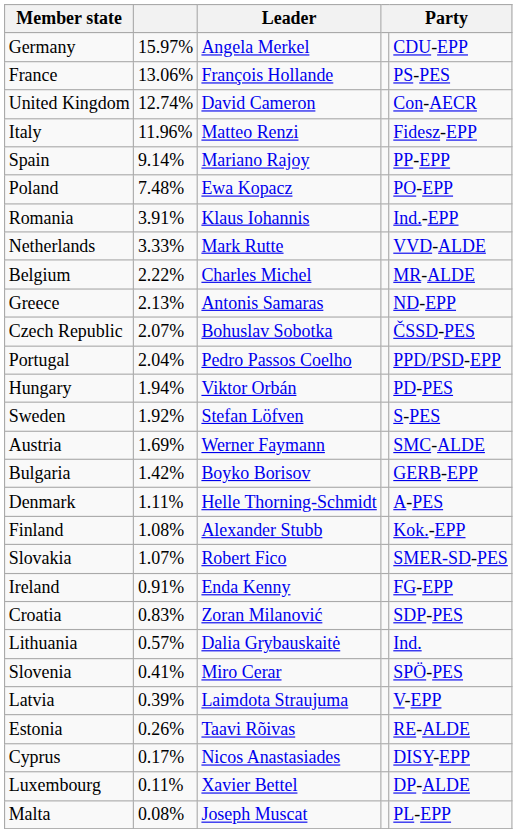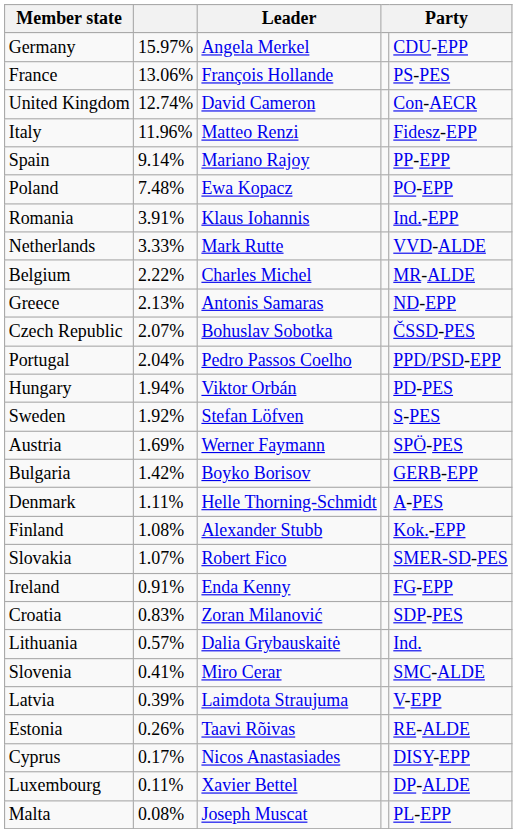 <table class="wikitable">
 <tr>
 <th>Member state</th>
 <th></th>
 <th>Leader</th>
 <th colspan=2>Party</th>
 </tr>
 <tr>
 <td>Germany</td>
 <td>15.97%</td>
 <td><a href='#'>Angela Merkel</a></td>
 <td style="background-color:"></td>
 <td><a href='#'>CDU</a>-<a href='#'>EPP</a></td>
 </tr>
 <tr>
 <td>France</td>
 <td>13.06%</td>
 <td><a href='#'>François Hollande</a></td>
 <td style="background-color:"></td>
 <td><a href='#'>PS</a>-<a href='#'>PES</a></td>
 </tr>
 <tr>
 <td>United Kingdom</td>
 <td>12.74%</td>
 <td><a href='#'>David Cameron</a></td>
 <td style="background-color:"></td>
 <td><a href='#'>Con</a>-<a href='#'>AECR</a></td>
 </tr>
 <tr>
 <td>Italy</td>
 <td>11.96%</td>
 <td><a href='#'>Matteo Renzi</a></td>
 <td style="background-color:"></td>
 <td><a href='#'>Fidesz</a>-<a href='#'>EPP</a></td>
 </tr>
 <tr>
 <td>Spain</td>
 <td>9.14%</td>
 <td><a href='#'>Mariano Rajoy</a></td>
 <td style="background-color:"></td>
 <td><a href='#'>PP</a>-<a href='#'>EPP</a></td>
 </tr>
 <tr>
 <td>Poland</td>
 <td>7.48%</td>
 <td><a href='#'>Ewa Kopacz</a></td>
 <td style="background-color:"></td>
 <td><a href='#'>PO</a>-<a href='#'>EPP</a></td>
 </tr>
 <tr>
 <td>Romania</td>
 <td>3.91%</td>
 <td><a href='#'>Klaus Iohannis</a></td>
 <td style="background-color:"></td>
 <td><a href='#'>Ind.</a>-<a href='#'>EPP</a></td>
 </tr>
 <tr>
 <td>Netherlands</td>
 <td>3.33%</td>
 <td><a href='#'>Mark Rutte</a></td>
 <td style="background-color:"></td>
 <td><a href='#'>VVD</a>-<a href='#'>ALDE</a></td>
 </tr>
 <tr>
 <td>Belgium</td>
 <td>2.22%</td>
 <td><a href='#'>Charles Michel</a></td>
 <td style="background-color:"></td>
 <td><a href='#'>MR</a>-<a href='#'>ALDE</a></td>
 </tr>
 <tr>
 <td>Greece</td>
 <td>2.13%</td>
 <td><a href='#'>Antonis Samaras</a></td>
 <td style="background-color:"></td>
 <td><a href='#'>ND</a>-<a href='#'>EPP</a></td>
 </tr>
 <tr>
 <td>Czech Republic</td>
 <td>2.07%</td>
 <td><a href='#'>Bohuslav Sobotka</a></td>
 <td style="background-color:"></td>
 <td><a href='#'>ČSSD</a>-<a href='#'>PES</a></td>
 </tr>
 <tr>
 <td>Portugal</td>
 <td>2.04%</td>
 <td><a href='#'>Pedro Passos Coelho</a></td>
 <td style="background-color:"></td>
 <td><a href='#'>PPD/PSD</a>-<a href='#'>EPP</a></td>
 </tr>
 <tr>
 <td>Hungary</td>
 <td>1.94%</td>
 <td><a href='#'>Viktor Orbán</a></td>
 <td style="background-color:"></td>
 <td><a href='#'>PD</a>-<a href='#'>PES</a></td>
 </tr>
 <tr>
 <td>Sweden</td>
 <td>1.92%</td>
 <td><a href='#'>Stefan Löfven</a></td>
 <td style="background-color:"></td>
 <td><a href='#'>S</a>-<a href='#'>PES</a></td>
 </tr>
 <tr>
 <td>Austria</td>
 <td>1.69%</td>
 <td><a href='#'>Werner Faymann</a></td>
 <td style="background-color:"></td>
-<td><a href='#'>SMC</a>-<a href='#'>ALDE</a></td>
+<td><a href='#'>SPÖ</a>-<a href='#'>PES</a></td>
 </tr>
 <tr>
 <td>Bulgaria</td>
 <td>1.42%</td>
 <td><a href='#'>Boyko Borisov</a></td>
 <td style="background-color:"></td>
 <td><a href='#'>GERB</a>-<a href='#'>EPP</a></td>
 </tr>
 <tr>
 <td>Denmark</td>
 <td>1.11%</td>
 <td><a href='#'>Helle Thorning-Schmidt</a></td>
 <td style="background-color:"></td>
 <td><a href='#'>A</a>-<a href='#'>PES</a></td>
 </tr>
 <tr>
 <td>Finland</td>
 <td>1.08%</td>
 <td><a href='#'>Alexander Stubb</a></td>
 <td style="background-color:"></td>
 <td><a href='#'>Kok.</a>-<a href='#'>EPP</a></td>
 </tr>
 <tr>
 <td>Slovakia</td>
 <td>1.07%</td>
 <td><a href='#'>Robert Fico</a></td>
 <td style="background-color:"></td>
 <td><a href='#'>SMER-SD</a>-<a href='#'>PES</a></td>
 </tr>
 <tr>
 <td>Ireland</td>
 <td>0.91%</td>
 <td><a href='#'>Enda Kenny</a></td>
 <td style="background-color:"></td>
 <td><a href='#'>FG</a>-<a href='#'>EPP</a></td>
 </tr>
 <tr>
 <td>Croatia</td>
 <td>0.83%</td>
 <td><a href='#'>Zoran Milanović</a></td>
 <td style="background-color:"></td>
 <td><a href='#'>SDP</a>-<a href='#'>PES</a></td>
 </tr>
 <tr>
 <td>Lithuania</td>
 <td>0.57%</td>
 <td><a href='#'>Dalia Grybauskaitė</a></td>
 <td style="background-color:"></td>
 <td><a href='#'>Ind.</a></td>
 </tr>
 <tr>
 <td>Slovenia</td>
 <td>0.41%</td>
 <td><a href='#'>Miro Cerar</a></td>
 <td style="background-color:"></td>
-<td><a href='#'>SPÖ</a>-<a href='#'>PES</a></td>
+<td><a href='#'>SMC</a>-<a href='#'>ALDE</a></td>
 </tr>
 <tr>
 <td>Latvia</td>
 <td>0.39%</td>
 <td><a href='#'>Laimdota Straujuma</a></td>
 <td style="background-color:"></td>
 <td><a href='#'>V</a>-<a href='#'>EPP</a></td>
 </tr>
 <tr>
 <td>Estonia</td>
 <td>0.26%</td>
 <td><a href='#'>Taavi Rõivas</a></td>
 <td style="background-color:"></td>
 <td><a href='#'>RE</a>-<a href='#'>ALDE</a></td>
 </tr>
 <tr>
 <td>Cyprus</td>
 <td>0.17%</td>
 <td><a href='#'>Nicos Anastasiades</a></td>
 <td style="background-color:"></td>
 <td><a href='#'>DISY</a>-<a href='#'>EPP</a></td>
 </tr>
 <tr>
 <td>Luxembourg</td>
 <td>0.11%</td>
 <td><a href='#'>Xavier Bettel</a></td>
 <td style="background-color:"></td>
 <td><a href='#'>DP</a>-<a href='#'>ALDE</a></td>
 </tr>
 <tr>
 <td>Malta</td>
 <td>0.08%</td>
 <td><a href='#'>Joseph Muscat</a></td>
 <td style="background-color:"></td>
 <td><a href='#'>PL</a>-<a href='#'>EPP</a></td>
 </tr>
 <tr>
 </tr>
 </table>
